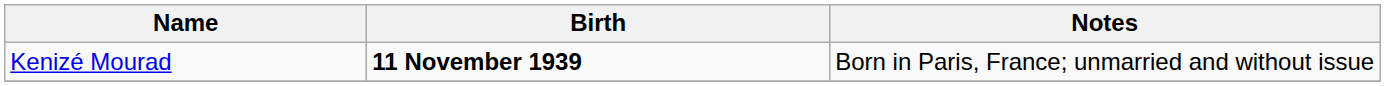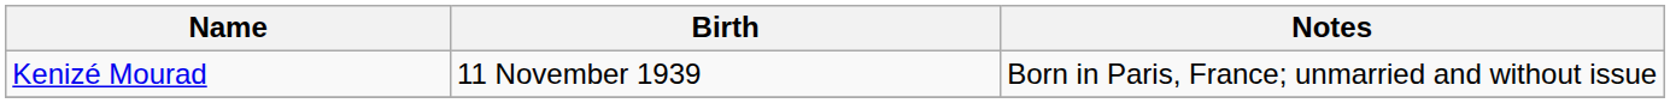 <table class="wikitable">
 <tr>
 <th>Name</th>
 <th>Birth</th>
 <th style="width:40%;">Notes</th>
 </tr>
 <tr>
 <td><a href='#'>Kenizé Mourad</a></td>
-<td><strong>11 November 1939</strong></td>
+<td>11 November 1939</td>
 <td>Born in Paris, France; unmarried and without issue</td>
 </tr>
 <tr>
 </tr>
 </table>
